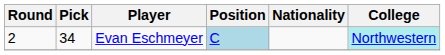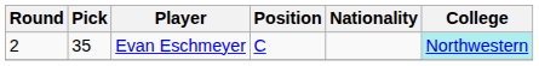 <table class="wikitable sortable sortable">
 <tr>
 <th>Round</th>
 <th>Pick</th>
 <th>Player</th>
 <th>Position</th>
 <th>Nationality</th>
 <th>College</th>
 </tr>
 <tr>
 <td>2</td>
-<td>34</td>
+<td>35</td>
 <td><a href='#'>Evan Eschmeyer</a></td>
-<td style="background: lightblue;"><a href='#'>C</a></td>
+<td><a href='#'>C</a></td>
 <td></td>
 <td style="background: paleturquoise;"><a href='#'>Northwestern</a></td>
 </tr>
 <tr>
 </tr>
 </table>
